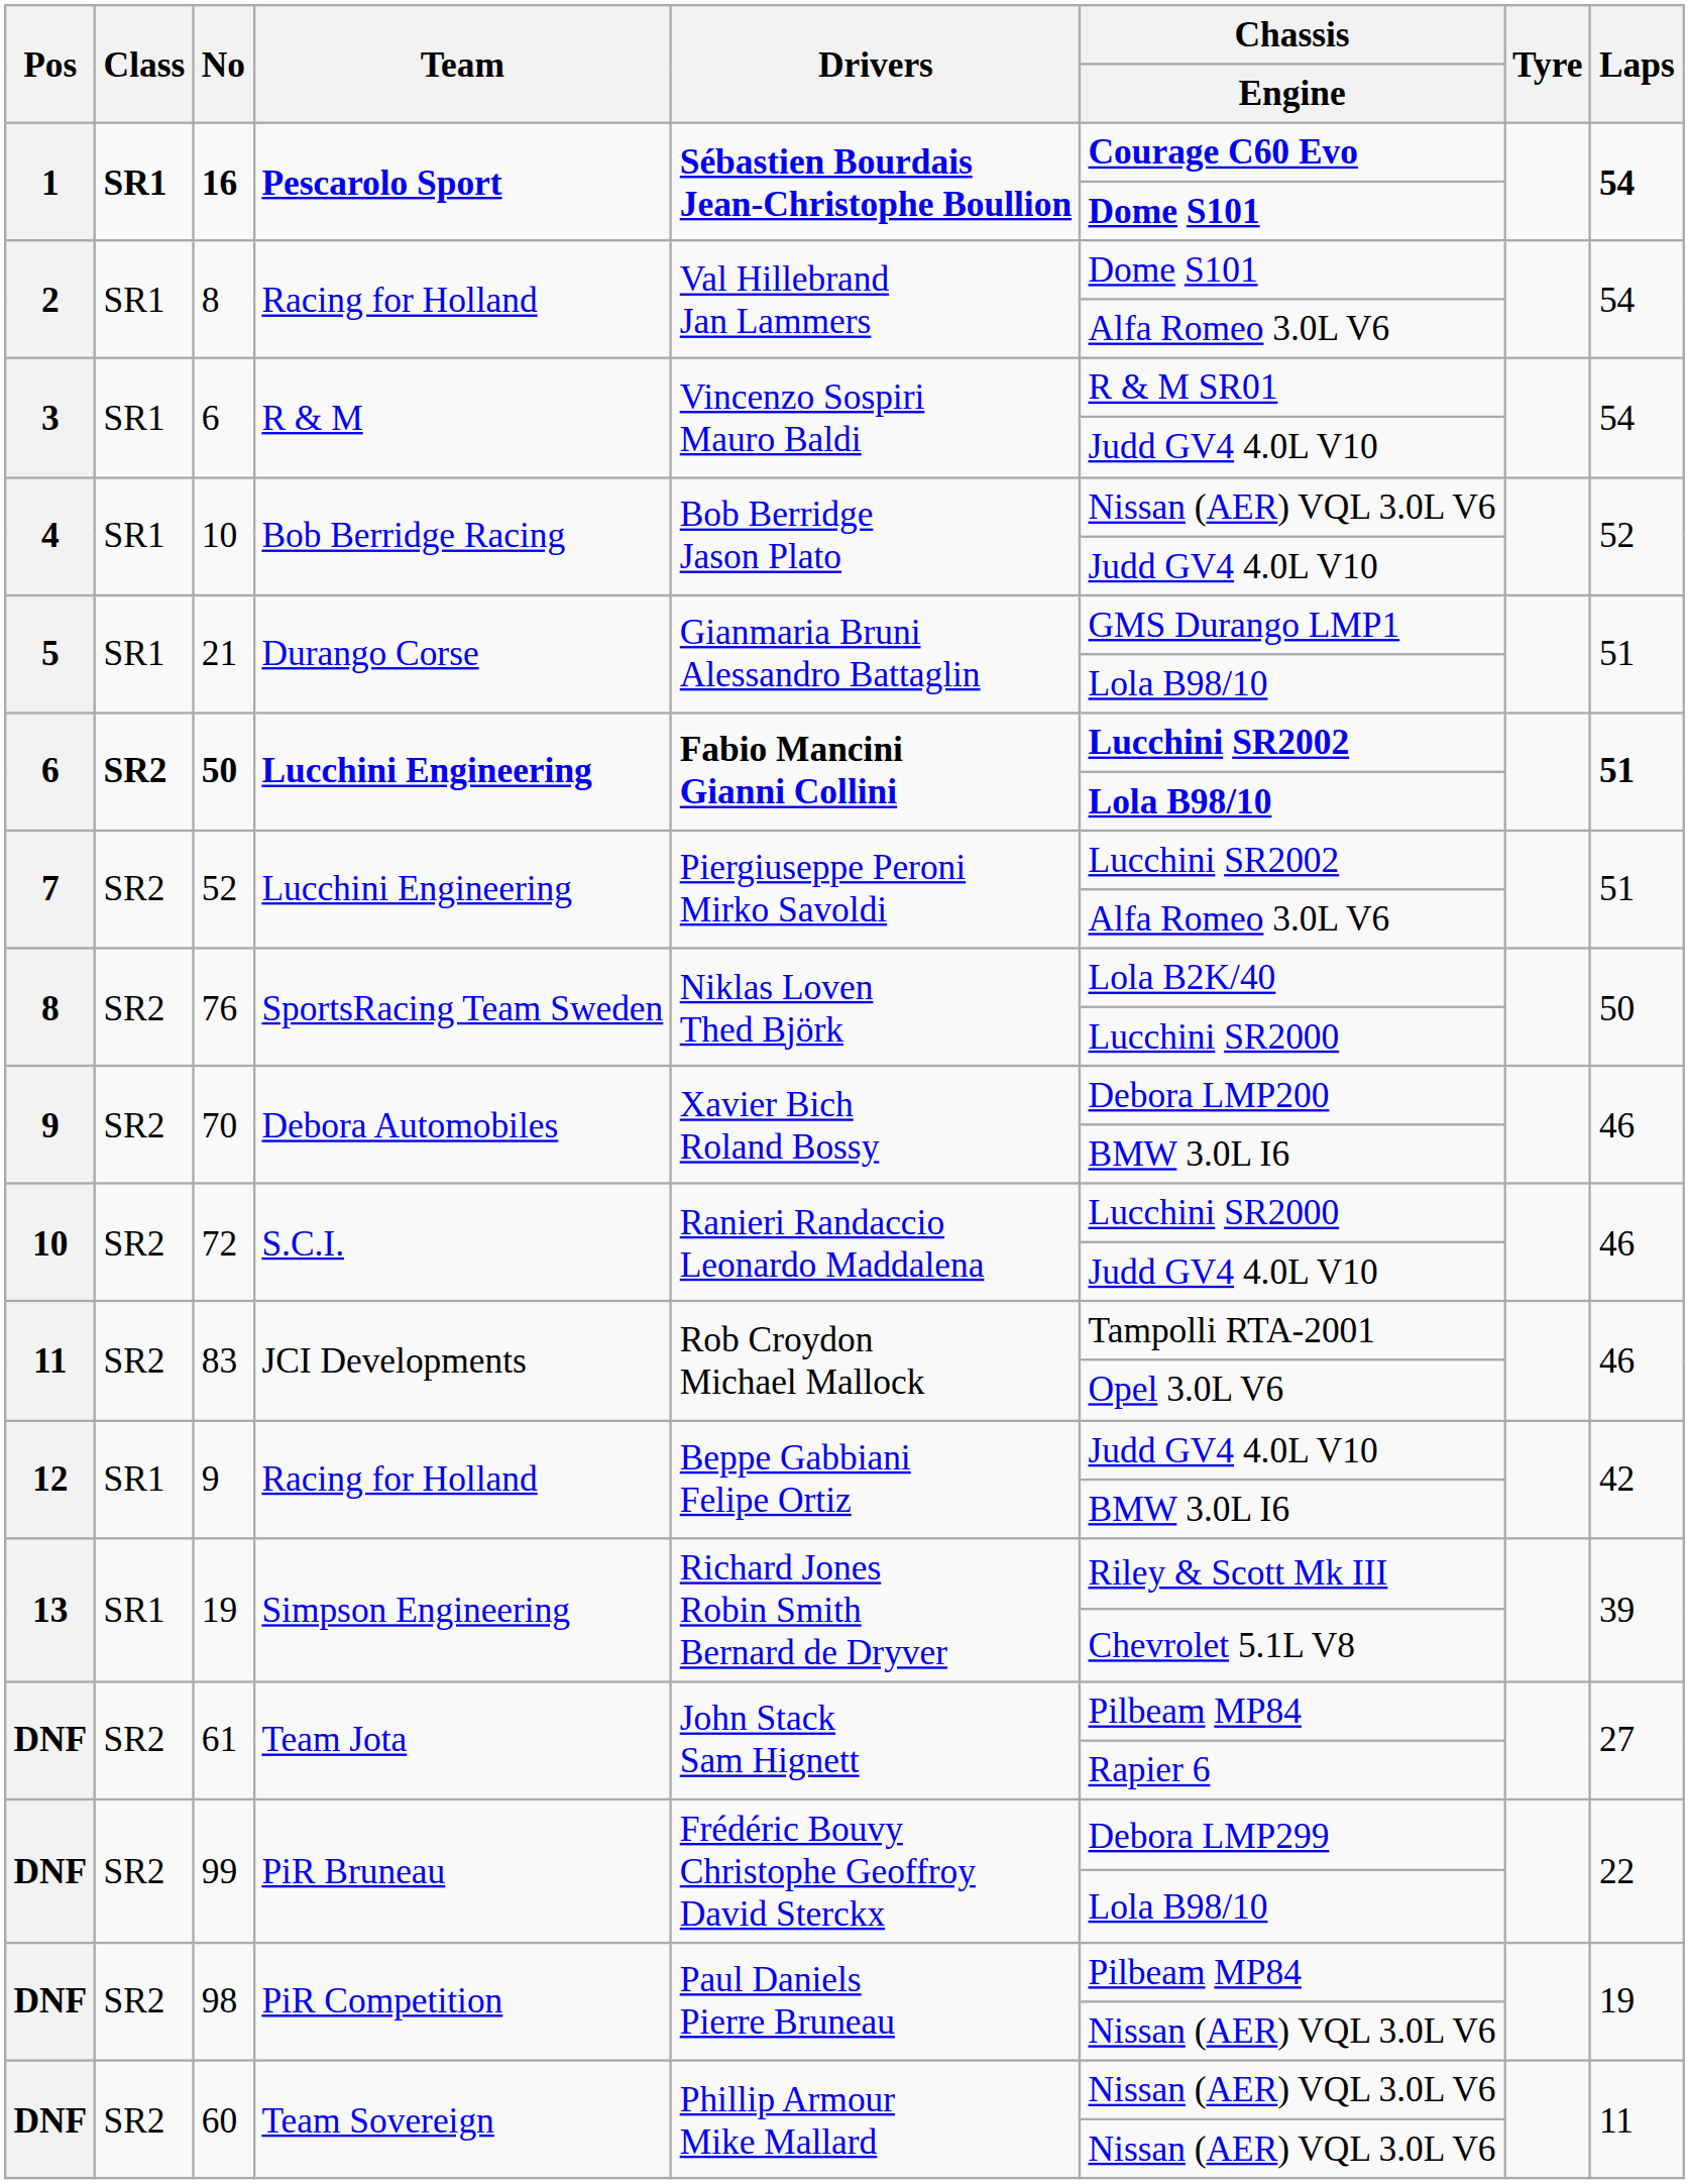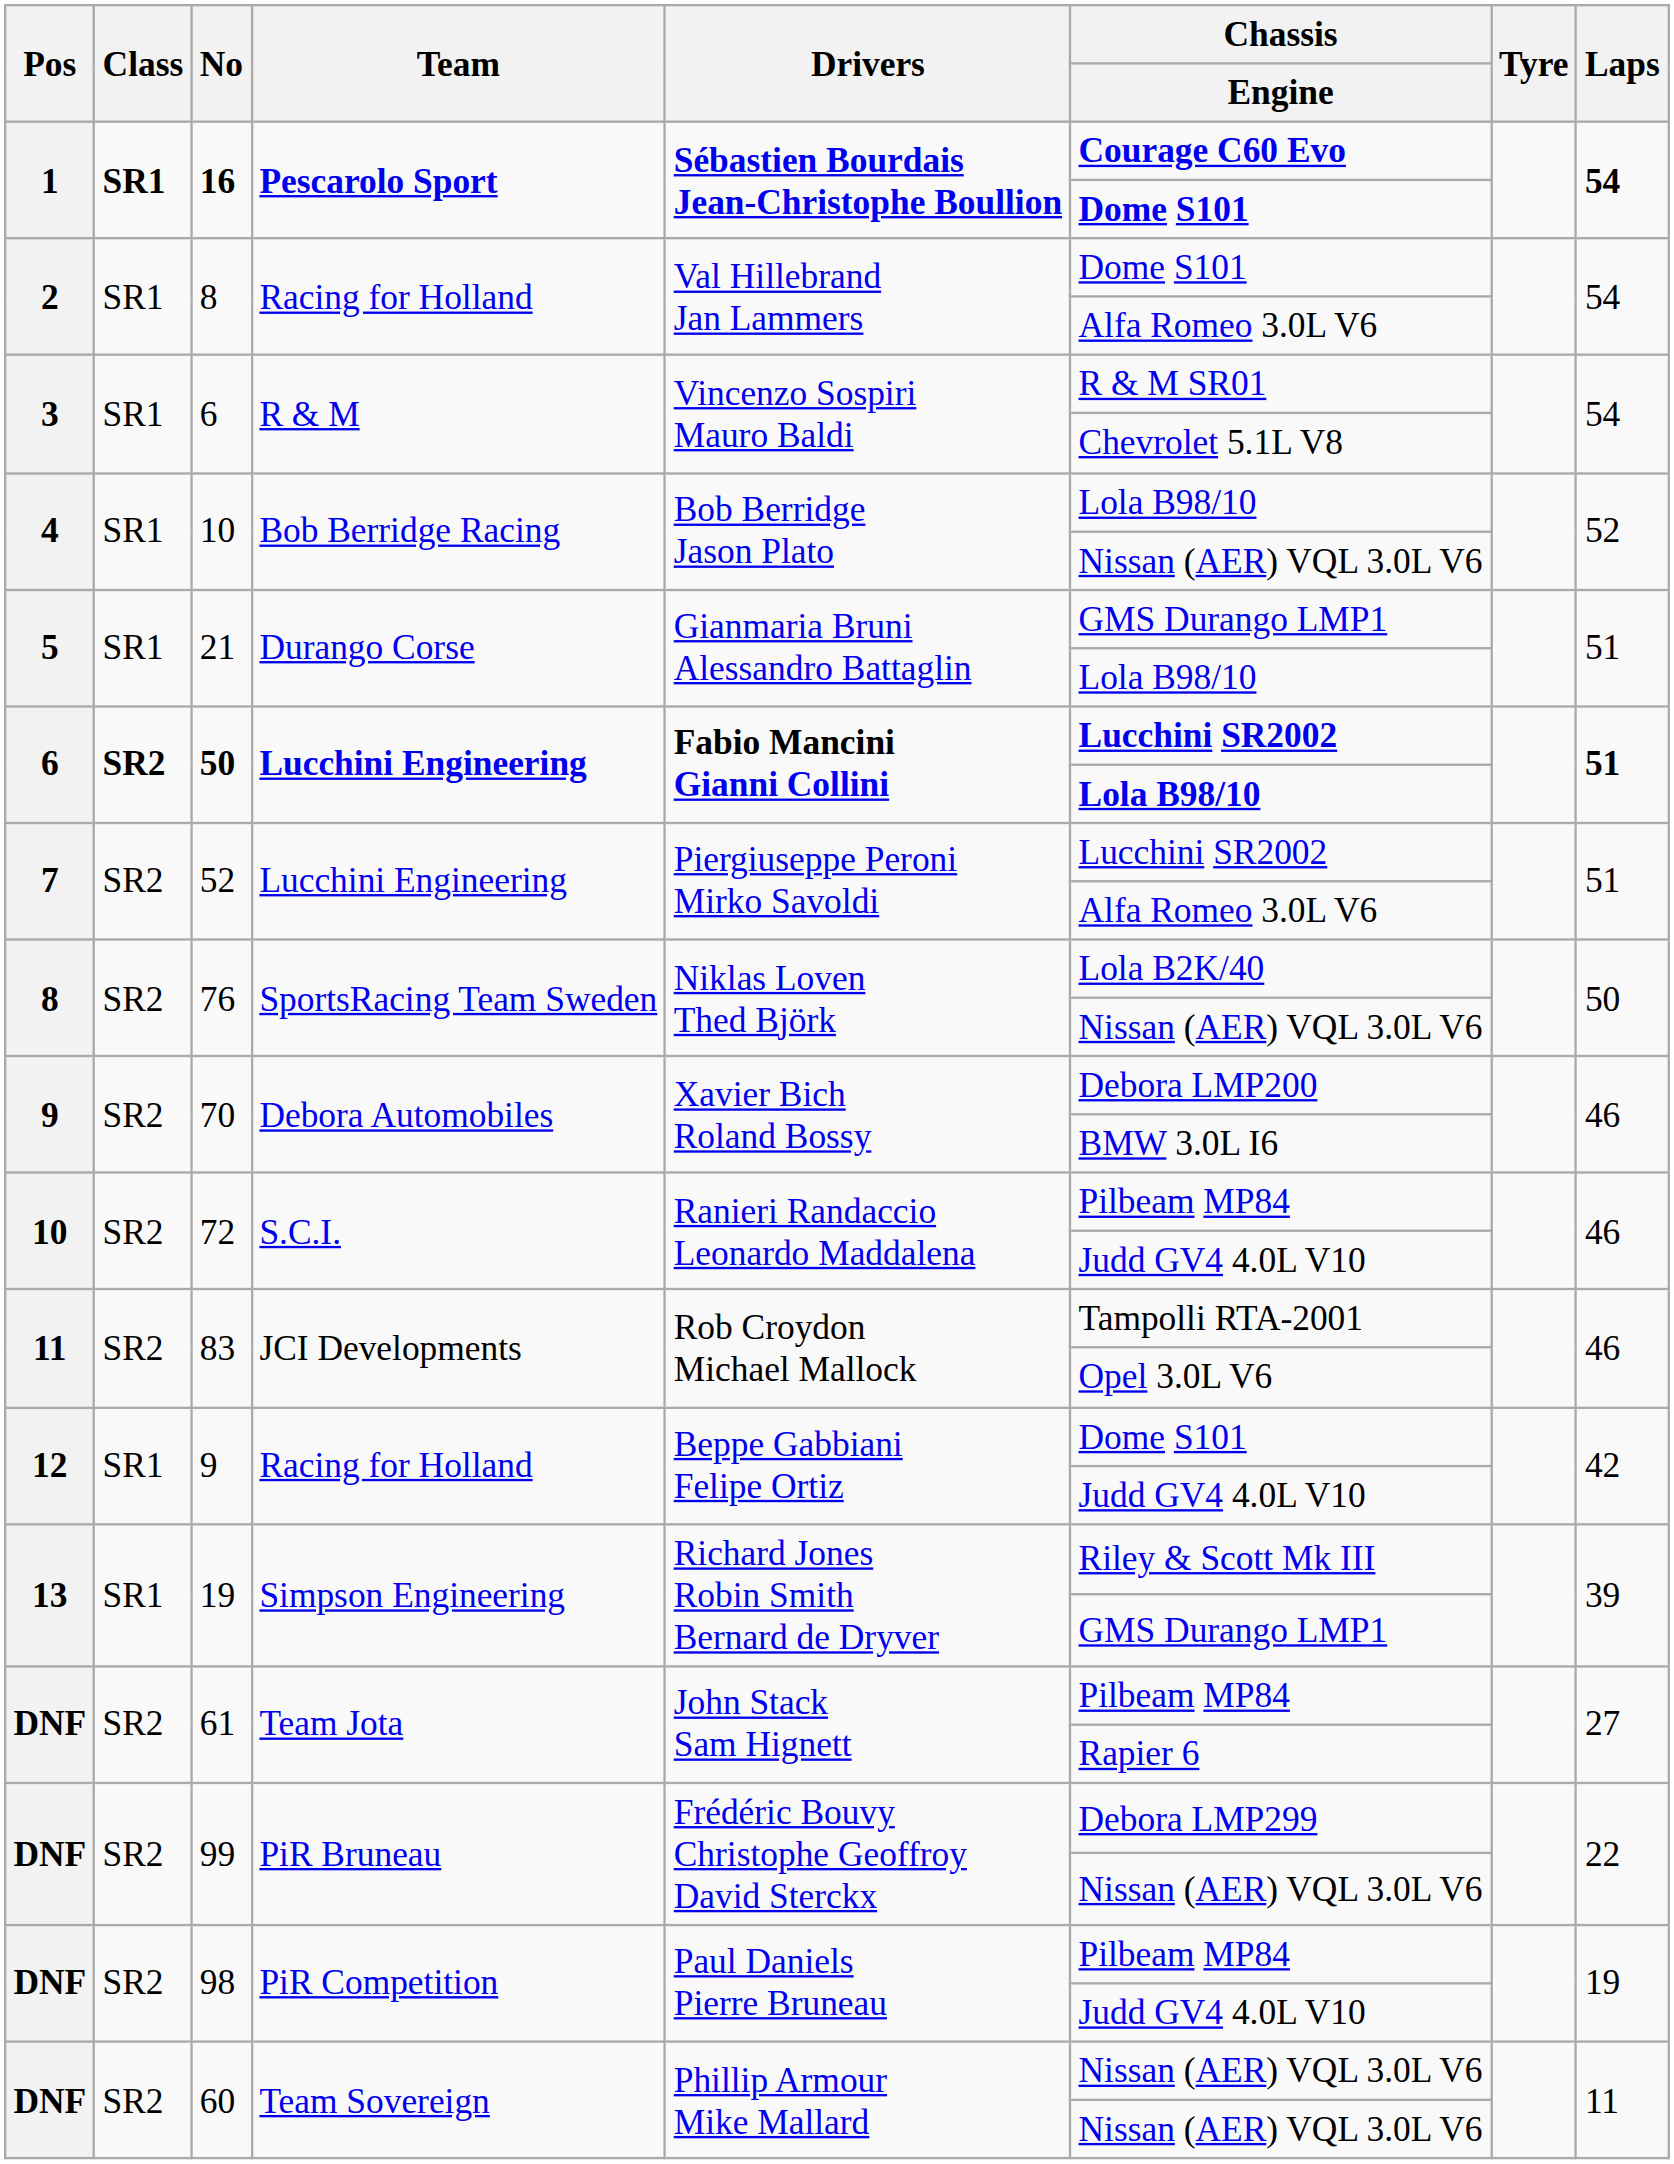 <table class="wikitable" style="font-size: 95%;">
 <tr>
 <th rowspan=2>Pos</th>
 <th rowspan=2>Class</th>
 <th rowspan=2>No</th>
 <th rowspan=2>Team</th>
 <th rowspan=2>Drivers</th>
 <th>Chassis</th>
 <th rowspan=2>Tyre</th>
 <th rowspan=2>Laps</th>
 </tr>
 <tr>
 <th>Engine</th>
 </tr>
 <tr style="font-weight:bold">
 <th rowspan=2>1</th>
 <td rowspan=2>SR1</td>
 <td rowspan=2>16</td>
 <td rowspan=2> <a href='#'>Pescarolo Sport</a></td>
 <td rowspan=2> <a href='#'>Sébastien Bourdais</a><br> <a href='#'>Jean-Christophe Boullion</a></td>
 <td><a href='#'>Courage C60 Evo</a></td>
 <td rowspan=2></td>
 <td rowspan=2>54</td>
 </tr>
 <tr style="font-weight:bold">
 <td><a href='#'>Dome</a> <a href='#'>S101</a></td>
 </tr>
 <tr>
 <th rowspan=2>2</th>
 <td rowspan=2>SR1</td>
 <td rowspan=2>8</td>
 <td rowspan=2> <a href='#'>Racing for Holland</a></td>
 <td rowspan=2> <a href='#'>Val Hillebrand</a><br> <a href='#'>Jan Lammers</a></td>
 <td><a href='#'>Dome</a> <a href='#'>S101</a></td>
 <td rowspan=2></td>
 <td rowspan=2>54</td>
 </tr>
 <tr>
 <td><a href='#'>Alfa Romeo</a> 3.0L V6</td>
 </tr>
 <tr>
 <th rowspan=2>3</th>
 <td rowspan=2>SR1</td>
 <td rowspan=2>6</td>
 <td rowspan=2> <a href='#'>R & M</a></td>
 <td rowspan=2> <a href='#'>Vincenzo Sospiri</a><br> <a href='#'>Mauro Baldi</a></td>
 <td><a href='#'>R & M SR01</a></td>
 <td rowspan=2></td>
 <td rowspan=2>54</td>
 </tr>
 <tr>
-<td><a href='#'>Judd GV4</a> 4.0L V10</td>
+<td><a href='#'>Chevrolet</a> 5.1L V8</td>
 </tr>
 <tr>
 <th rowspan=2>4</th>
 <td rowspan=2>SR1</td>
 <td rowspan=2>10</td>
 <td rowspan=2> <a href='#'>Bob Berridge Racing</a></td>
 <td rowspan=2> <a href='#'>Bob Berridge</a><br> <a href='#'>Jason Plato</a></td>
-<td><a href='#'>Nissan</a> (<a href='#'>AER</a>) VQL 3.0L V6</td>
+<td><a href='#'>Lola B98/10</a></td>
 <td rowspan=2></td>
 <td rowspan=2>52</td>
 </tr>
 <tr>
-<td><a href='#'>Judd GV4</a> 4.0L V10</td>
+<td><a href='#'>Nissan</a> (<a href='#'>AER</a>) VQL 3.0L V6</td>
 </tr>
 <tr>
 <th rowspan=2>5</th>
 <td rowspan=2>SR1</td>
 <td rowspan=2>21</td>
 <td rowspan=2> <a href='#'>Durango Corse</a></td>
 <td rowspan=2> <a href='#'>Gianmaria Bruni</a><br> <a href='#'>Alessandro Battaglin</a></td>
 <td><a href='#'>GMS Durango LMP1</a></td>
 <td rowspan=2></td>
 <td rowspan=2>51</td>
 </tr>
 <tr>
 <td><a href='#'>Lola B98/10</a></td>
 </tr>
 <tr style="font-weight:bold">
 <th rowspan=2>6</th>
 <td rowspan=2>SR2</td>
 <td rowspan=2>50</td>
 <td rowspan=2> <a href='#'>Lucchini Engineering</a></td>
 <td rowspan=2> Fabio Mancini<br> <a href='#'>Gianni Collini</a></td>
 <td><a href='#'>Lucchini</a> <a href='#'>SR2002</a></td>
 <td rowspan=2></td>
 <td rowspan=2>51</td>
 </tr>
 <tr style="font-weight:bold">
 <td><a href='#'>Lola B98/10</a></td>
 </tr>
 <tr>
 <th rowspan=2>7</th>
 <td rowspan=2>SR2</td>
 <td rowspan=2>52</td>
 <td rowspan=2> <a href='#'>Lucchini Engineering</a></td>
 <td rowspan=2> <a href='#'>Piergiuseppe Peroni</a><br> <a href='#'>Mirko Savoldi</a></td>
 <td><a href='#'>Lucchini</a> <a href='#'>SR2002</a></td>
 <td rowspan=2></td>
 <td rowspan=2>51</td>
 </tr>
 <tr>
 <td><a href='#'>Alfa Romeo</a> 3.0L V6</td>
 </tr>
 <tr>
 <th rowspan=2>8</th>
 <td rowspan=2>SR2</td>
 <td rowspan=2>76</td>
 <td rowspan=2> <a href='#'>SportsRacing Team Sweden</a></td>
 <td rowspan=2> <a href='#'>Niklas Loven</a><br> <a href='#'>Thed Björk</a></td>
 <td><a href='#'>Lola B2K/40</a></td>
 <td rowspan=2></td>
 <td rowspan=2>50</td>
 </tr>
 <tr>
-<td><a href='#'>Lucchini</a> <a href='#'>SR2000</a></td>
+<td><a href='#'>Nissan</a> (<a href='#'>AER</a>) VQL 3.0L V6</td>
 </tr>
 <tr>
 <th rowspan=2>9</th>
 <td rowspan=2>SR2</td>
 <td rowspan=2>70</td>
 <td rowspan=2> <a href='#'>Debora Automobiles</a></td>
 <td rowspan=2> <a href='#'>Xavier Bich</a><br> <a href='#'>Roland Bossy</a></td>
 <td><a href='#'>Debora LMP200</a></td>
 <td rowspan=2></td>
 <td rowspan=2>46</td>
 </tr>
 <tr>
 <td><a href='#'>BMW</a> 3.0L I6</td>
 </tr>
 <tr>
 <th rowspan=2>10</th>
 <td rowspan=2>SR2</td>
 <td rowspan=2>72</td>
 <td rowspan=2> <a href='#'>S.C.I.</a></td>
 <td rowspan=2> <a href='#'>Ranieri Randaccio</a><br> <a href='#'>Leonardo Maddalena</a></td>
-<td><a href='#'>Lucchini</a> <a href='#'>SR2000</a></td>
+<td><a href='#'>Pilbeam</a> <a href='#'>MP84</a></td>
 <td rowspan=2></td>
 <td rowspan=2>46</td>
 </tr>
 <tr>
 <td><a href='#'>Judd GV4</a> 4.0L V10</td>
 </tr>
 <tr>
 <th rowspan=2>11</th>
 <td rowspan=2>SR2</td>
 <td rowspan=2>83</td>
 <td rowspan=2> JCI Developments</td>
 <td rowspan=2> Rob Croydon<br> Michael Mallock</td>
 <td>Tampolli RTA-2001</td>
 <td rowspan=2></td>
 <td rowspan=2>46</td>
 </tr>
 <tr>
 <td><a href='#'>Opel</a> 3.0L V6</td>
 </tr>
 <tr>
 <th rowspan=2>12</th>
 <td rowspan=2>SR1</td>
 <td rowspan=2>9</td>
 <td rowspan=2> <a href='#'>Racing for Holland</a></td>
 <td rowspan=2> <a href='#'>Beppe Gabbiani</a><br> <a href='#'>Felipe Ortiz</a></td>
-<td><a href='#'>Judd GV4</a> 4.0L V10</td>
+<td><a href='#'>Dome</a> <a href='#'>S101</a></td>
 <td rowspan=2></td>
 <td rowspan=2>42</td>
 </tr>
 <tr>
-<td><a href='#'>BMW</a> 3.0L I6</td>
+<td><a href='#'>Judd GV4</a> 4.0L V10</td>
 </tr>
 <tr>
 <th rowspan=2>13</th>
 <td rowspan=2>SR1</td>
 <td rowspan=2>19</td>
 <td rowspan=2> <a href='#'>Simpson Engineering</a></td>
 <td rowspan=2> <a href='#'>Richard Jones</a><br> <a href='#'>Robin Smith</a><br> <a href='#'>Bernard de Dryver</a></td>
 <td><a href='#'>Riley & Scott Mk III</a></td>
 <td rowspan=2></td>
 <td rowspan=2>39</td>
 </tr>
 <tr>
-<td><a href='#'>Chevrolet</a> 5.1L V8</td>
+<td><a href='#'>GMS Durango LMP1</a></td>
 </tr>
 <tr>
 <th rowspan=2>DNF</th>
 <td rowspan=2>SR2</td>
 <td rowspan=2>61</td>
 <td rowspan=2> <a href='#'>Team Jota</a></td>
 <td rowspan=2> <a href='#'>John Stack</a><br> <a href='#'>Sam Hignett</a></td>
 <td><a href='#'>Pilbeam</a> <a href='#'>MP84</a></td>
 <td rowspan=2></td>
 <td rowspan=2>27</td>
 </tr>
 <tr>
 <td><a href='#'>Rapier 6</a></td>
 </tr>
 <tr>
 <th rowspan=2>DNF</th>
 <td rowspan=2>SR2</td>
 <td rowspan=2>99</td>
 <td rowspan=2> <a href='#'>PiR Bruneau</a></td>
 <td rowspan=2> <a href='#'>Frédéric Bouvy</a><br> <a href='#'>Christophe Geoffroy</a><br> <a href='#'>David Sterckx</a></td>
 <td><a href='#'>Debora LMP299</a></td>
 <td rowspan=2></td>
 <td rowspan=2>22</td>
 </tr>
 <tr>
-<td><a href='#'>Lola B98/10</a></td>
+<td><a href='#'>Nissan</a> (<a href='#'>AER</a>) VQL 3.0L V6</td>
 </tr>
 <tr>
 <th rowspan=2>DNF</th>
 <td rowspan=2>SR2</td>
 <td rowspan=2>98</td>
 <td rowspan=2> <a href='#'>PiR Competition</a></td>
 <td rowspan=2> <a href='#'>Paul Daniels</a><br> <a href='#'>Pierre Bruneau</a></td>
 <td><a href='#'>Pilbeam</a> <a href='#'>MP84</a></td>
 <td rowspan=2></td>
 <td rowspan=2>19</td>
 </tr>
 <tr>
-<td><a href='#'>Nissan</a> (<a href='#'>AER</a>) VQL 3.0L V6</td>
+<td><a href='#'>Judd GV4</a> 4.0L V10</td>
 </tr>
 <tr>
 <th rowspan=2>DNF</th>
 <td rowspan=2>SR2</td>
 <td rowspan=2>60</td>
 <td rowspan=2> <a href='#'>Team Sovereign</a></td>
 <td rowspan=2> <a href='#'>Phillip Armour</a><br> <a href='#'>Mike Mallard</a></td>
 <td><a href='#'>Nissan</a> (<a href='#'>AER</a>) VQL 3.0L V6</td>
 <td rowspan=2></td>
 <td rowspan=2>11</td>
 </tr>
 <tr>
 <td><a href='#'>Nissan</a> (<a href='#'>AER</a>) VQL 3.0L V6</td>
 </tr>
 </table>
